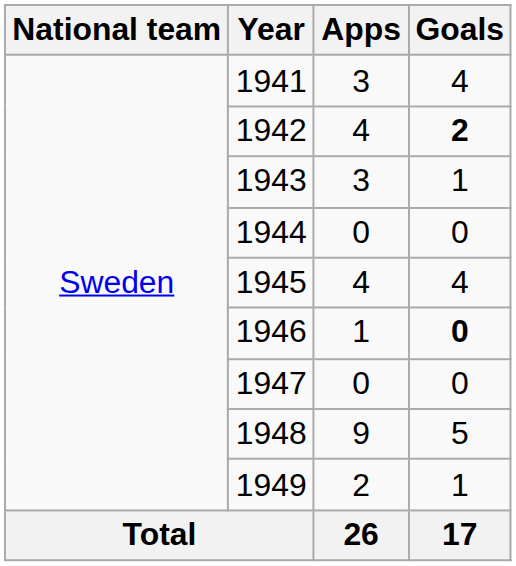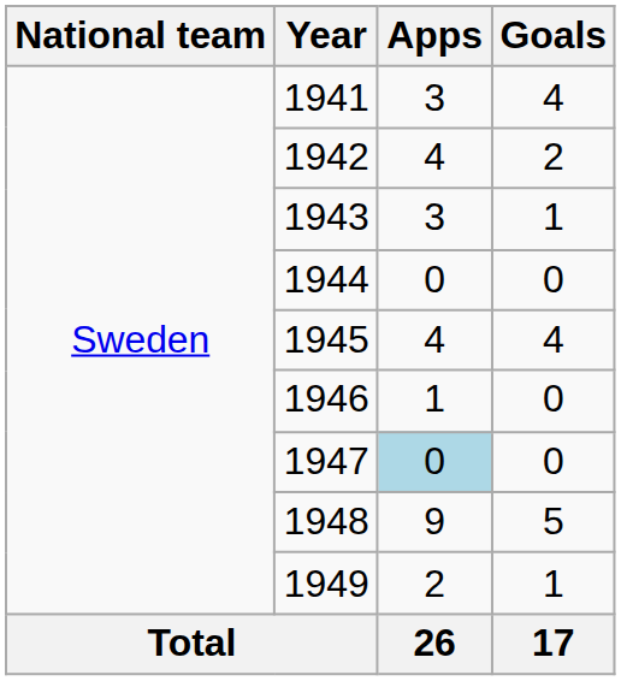 <table class="wikitable" style="text-align:center">
 <tr>
 <th>National team</th>
 <th>Year</th>
 <th>Apps</th>
 <th>Goals</th>
 </tr>
 <tr>
 <td rowspan="9"><a href='#'>Sweden</a></td>
 <td>1941</td>
 <td>3</td>
 <td>4</td>
 </tr>
 <tr>
 <td>1942</td>
 <td>4</td>
-<td><strong>2</strong></td>
+<td>2</td>
 </tr>
 <tr>
 <td>1943</td>
 <td>3</td>
 <td>1</td>
 </tr>
 <tr>
 <td>1944</td>
 <td>0</td>
 <td>0</td>
 </tr>
 <tr>
 <td>1945</td>
 <td>4</td>
 <td>4</td>
 </tr>
 <tr>
 <td>1946</td>
 <td>1</td>
-<td><strong>0</strong></td>
+<td>0</td>
 </tr>
 <tr>
 <td>1947</td>
-<td>0</td>
+<td style="background: lightblue;">0</td>
 <td>0</td>
 </tr>
 <tr>
 <td>1948</td>
 <td>9</td>
 <td>5</td>
 </tr>
 <tr>
 <td>1949</td>
 <td>2</td>
 <td>1</td>
 </tr>
 <tr>
 <th colspan="2">Total</th>
 <th>26</th>
 <th>17</th>
 </tr>
 </table>
